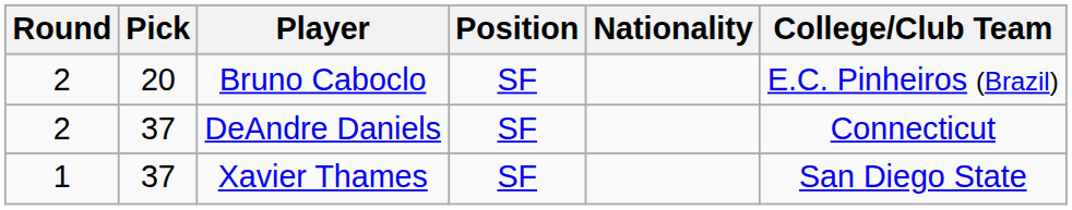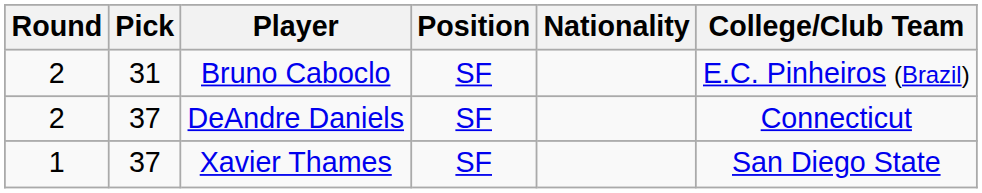 <table class="wikitable sortable sortable">
 <tr>
 <th>Round</th>
 <th>Pick</th>
 <th>Player</th>
 <th>Position</th>
 <th>Nationality</th>
 <th>College/Club Team</th>
 </tr>
 <tr style="text-align: center">
 <td>2</td>
-<td>20</td>
+<td>31</td>
 <td><a href='#'>Bruno Caboclo</a></td>
 <td><a href='#'>SF</a></td>
 <td></td>
 <td><a href='#'>E.C. Pinheiros</a> <small>(<a href='#'>Brazil</a>)</small></td>
 </tr>
 <tr style="text-align: center">
 <td>2</td>
 <td>37</td>
 <td><a href='#'>DeAndre Daniels</a></td>
 <td><a href='#'>SF</a></td>
 <td></td>
 <td><a href='#'>Connecticut</a></td>
 </tr>
 <tr style="text-align: center">
 <td>1</td>
 <td>37</td>
 <td><a href='#'>Xavier Thames</a></td>
 <td><a href='#'>SF</a></td>
 <td></td>
 <td><a href='#'>San Diego State</a></td>
 </tr>
 </table>
